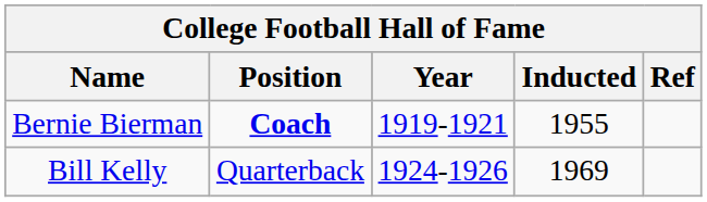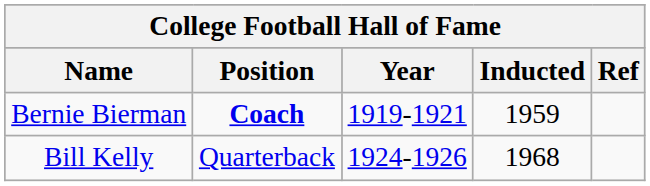 <table class="wikitable">
 <tr align="center">
 <th colspan=5>College Football Hall of Fame</th>
 </tr>
 <tr>
 <th>Name</th>
 <th>Position</th>
 <th>Year</th>
 <th>Inducted</th>
 <th>Ref</th>
 </tr>
 <tr align="center" bgcolor="">
 <td><a href='#'>Bernie Bierman</a></td>
 <td><strong><a href='#'>Coach</a></strong></td>
 <td><a href='#'>1919</a>-<a href='#'>1921</a></td>
-<td>1955</td>
+<td>1959</td>
 <td></td>
 </tr>
 <tr align="center" bgcolor="">
 <td><a href='#'>Bill Kelly</a></td>
 <td><a href='#'>Quarterback</a></td>
 <td><a href='#'>1924</a>-<a href='#'>1926</a></td>
-<td>1969</td>
+<td>1968</td>
 <td></td>
 </tr>
 </table>
